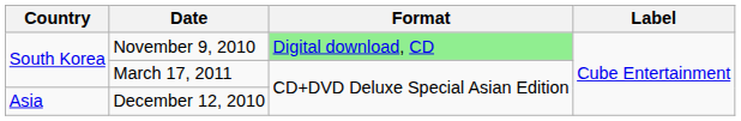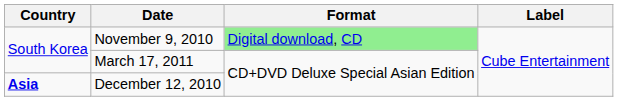 <table class="wikitable">
 <tr>
 <th>Country</th>
 <th>Date</th>
 <th>Format</th>
 <th>Label</th>
 </tr>
 <tr>
 <td rowspan="2"><a href='#'>South Korea</a></td>
 <td>November 9, 2010</td>
 <td style="background: lightgreen;"><a href='#'>Digital download</a>, <a href='#'>CD</a></td>
 <td rowspan="3"><a href='#'>Cube Entertainment</a></td>
 </tr>
 <tr>
 <td>March 17, 2011</td>
 <td rowspan="2">CD+DVD Deluxe Special Asian Edition</td>
 </tr>
 <tr>
-<td><a href='#'>Asia</a></td>
+<td><strong><a href='#'>Asia</a></strong></td>
 <td>December 12, 2010</td>
 </tr>
 </table>
